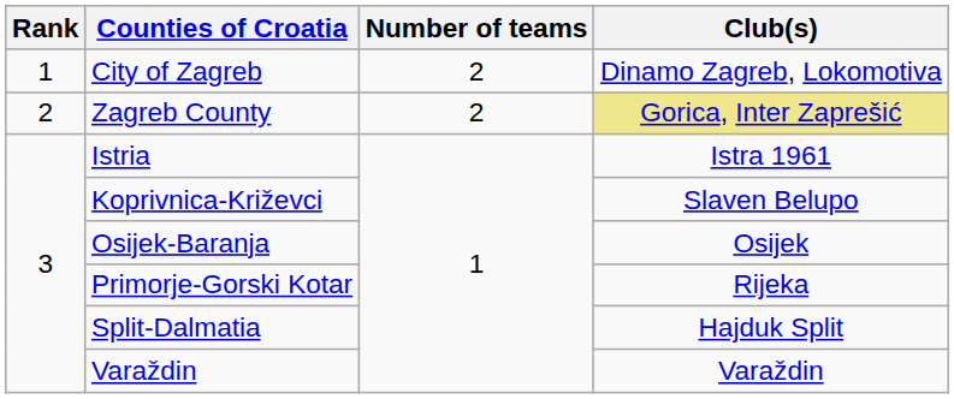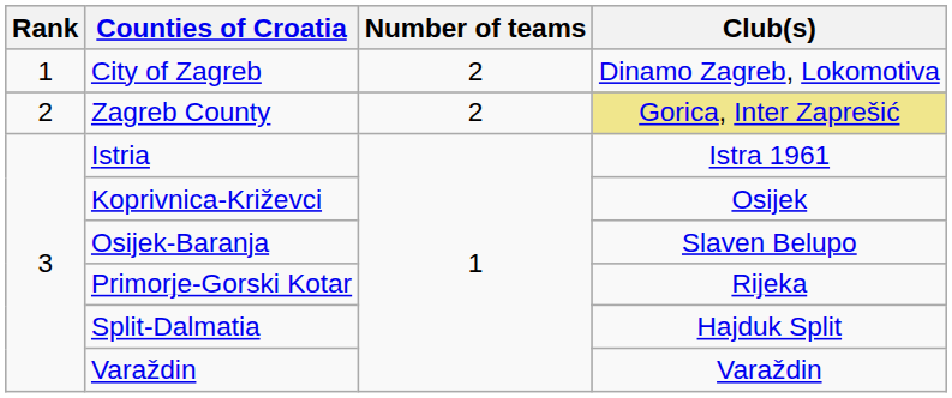 <table class="wikitable" style="font-size:90%;">
 <tr>
 <th>Rank</th>
 <th><a href='#'>Counties of Croatia</a></th>
 <th>Number of teams</th>
 <th>Club(s)</th>
 </tr>
 <tr>
 <td align="center">1</td>
 <td>  <a href='#'>City of Zagreb</a></td>
 <td align="center">2</td>
 <td align="center"><a href='#'>Dinamo Zagreb</a>, <a href='#'>Lokomotiva</a></td>
 </tr>
 <tr>
 <td align="center">2</td>
 <td>  <a href='#'>Zagreb County</a></td>
 <td align="center">2</td>
 <td align="center" style="background: khaki;"><a href='#'>Gorica</a>, <a href='#'>Inter Zaprešić</a></td>
 </tr>
 <tr>
 <td align="center" rowspan=6>3</td>
 <td>  <a href='#'>Istria</a></td>
 <td align="center" rowspan=6>1</td>
 <td align="center"><a href='#'>Istra 1961</a></td>
 </tr>
 <tr>
 <td>  <a href='#'>Koprivnica-Križevci</a></td>
-<td align="center"><a href='#'>Slaven Belupo</a></td>
+<td align="center"><a href='#'>Osijek</a></td>
 </tr>
 <tr>
 <td>  <a href='#'>Osijek-Baranja</a></td>
-<td align="center"><a href='#'>Osijek</a></td>
+<td align="center"><a href='#'>Slaven Belupo</a></td>
 </tr>
 <tr>
 <td>  <a href='#'>Primorje-Gorski Kotar</a></td>
 <td align="center"><a href='#'>Rijeka</a></td>
 </tr>
 <tr>
 <td>  <a href='#'>Split-Dalmatia</a></td>
 <td align="center"><a href='#'>Hajduk Split</a></td>
 </tr>
 <tr>
 <td> <a href='#'>Varaždin</a></td>
 <td align="center"><a href='#'>Varaždin</a></td>
 </tr>
 </table>
